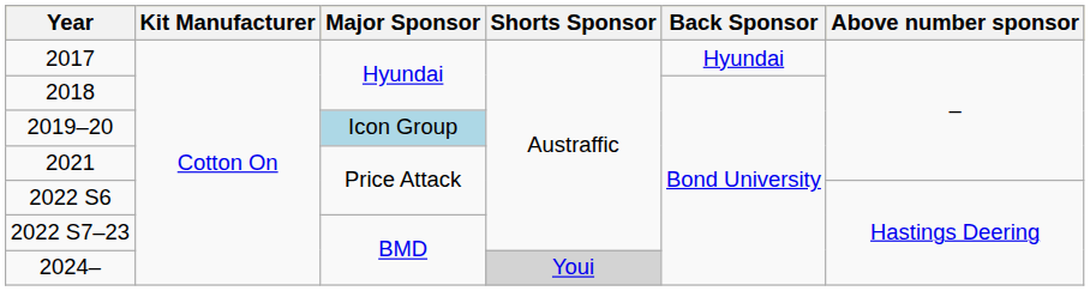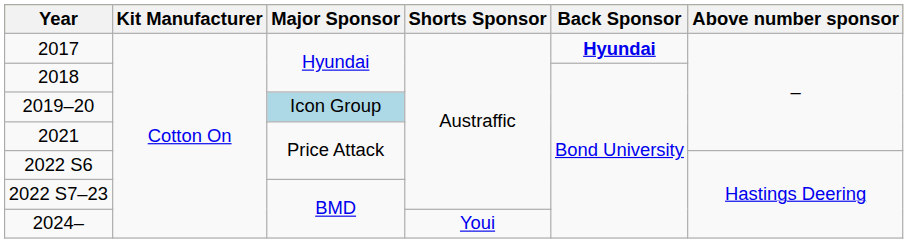 <table class="wikitable sortable" style="text-align:center">
 <tr style="background:#bdb76b;">
 <th>Year</th>
 <th>Kit Manufacturer</th>
 <th>Major Sponsor</th>
 <th>Shorts Sponsor</th>
 <th>Back Sponsor</th>
 <th>Above number sponsor</th>
 </tr>
 <tr>
 <td>2017</td>
 <td rowspan="7"><a href='#'>Cotton On</a></td>
 <td rowspan="2"><a href='#'>Hyundai</a></td>
 <td rowspan="6">Austraffic</td>
-<td><a href='#'>Hyundai</a></td>
+<td><strong><a href='#'>Hyundai</a></strong></td>
 <td rowspan="4">–</td>
 </tr>
 <tr>
 <td>2018</td>
 <td rowspan="6"><a href='#'>Bond University</a></td>
 </tr>
 <tr>
 <td>2019–20</td>
 <td style="background: lightblue;">Icon Group</td>
 </tr>
 <tr>
 <td>2021</td>
 <td rowspan="2">Price Attack</td>
 </tr>
 <tr>
 <td>2022 S6</td>
 <td rowspan="3"><a href='#'>Hastings Deering</a></td>
 </tr>
 <tr>
 <td>2022 S7–23</td>
 <td rowspan="2"><a href='#'>BMD</a></td>
 </tr>
 <tr>
 <td>2024–</td>
-<td style="background: lightgrey;"><a href='#'>Youi</a></td>
+<td><a href='#'>Youi</a></td>
 </tr>
 </table>
